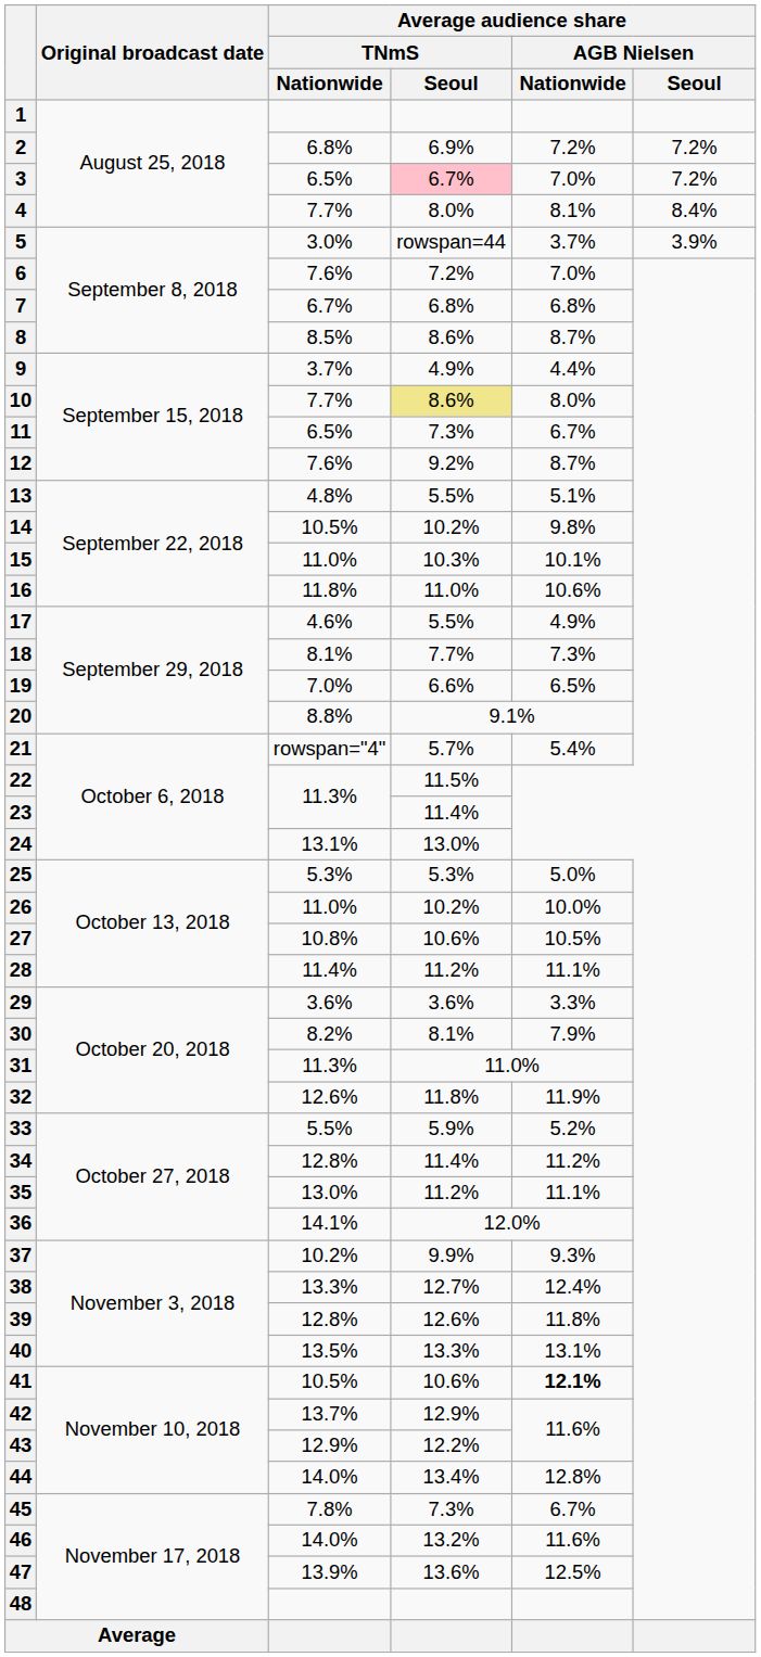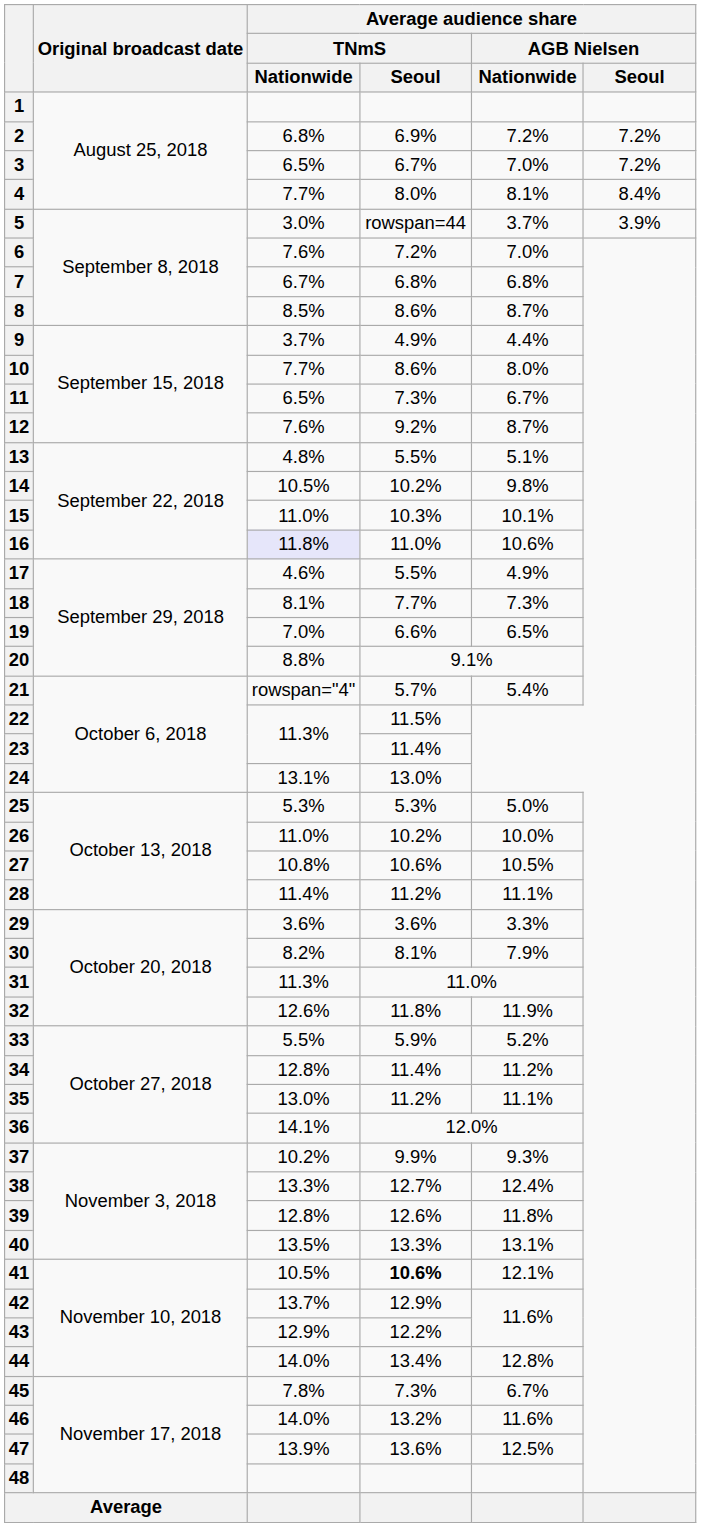 <table class="wikitable" style="text-align:center">
 <tr>
 <th rowspan="3"></th>
 <th rowspan="3">Original broadcast date</th>
 <th colspan="4">Average audience share</th>
 </tr>
 <tr>
 <th colspan="2">TNmS</th>
 <th colspan="2">AGB Nielsen</th>
 </tr>
 <tr>
 <th width="90">Nationwide</th>
 <th width="90">Seoul</th>
 <th width="90">Nationwide</th>
 <th width="90">Seoul</th>
 </tr>
 <tr>
 <th>1</th>
 <td rowspan="4">August 25, 2018</td>
 <td></td>
 <td></td>
 <td> </td>
 <td> </td>
 </tr>
 <tr>
 <th>2</th>
 <td>6.8%</td>
 <td>6.9%</td>
 <td>7.2% </td>
 <td>7.2% </td>
 </tr>
 <tr>
 <th>3</th>
 <td>6.5%</td>
-<td style="background: pink;">6.7%</td>
+<td>6.7%</td>
 <td>7.0% </td>
 <td>7.2% </td>
 </tr>
 <tr>
 <th>4</th>
 <td>7.7%</td>
 <td>8.0%</td>
 <td>8.1% </td>
 <td>8.4% </td>
 </tr>
 <tr>
 <th>5</th>
 <td rowspan="4">September 8, 2018</td>
 <td>3.0%</td>
 <td>rowspan=44 </td>
 <td>3.7% </td>
 <td>3.9% </td>
 </tr>
 <tr>
 <th>6</th>
 <td>7.6%</td>
 <td>7.2% </td>
 <td>7.0% </td>
 </tr>
 <tr>
 <th>7</th>
 <td>6.7%</td>
 <td>6.8% </td>
 <td>6.8% </td>
 </tr>
 <tr>
 <th>8</th>
 <td>8.5%</td>
 <td>8.6% </td>
 <td>8.7% </td>
 </tr>
 <tr>
 <th>9</th>
 <td rowspan="4">September 15, 2018</td>
 <td>3.7%</td>
 <td>4.9% </td>
 <td>4.4% </td>
 </tr>
 <tr>
 <th>10</th>
 <td>7.7%</td>
-<td style="background: khaki;">8.6% </td>
+<td>8.6% </td>
 <td>8.0% </td>
 </tr>
 <tr>
 <th>11</th>
 <td>6.5%</td>
 <td>7.3% </td>
 <td>6.7% </td>
 </tr>
 <tr>
 <th>12</th>
 <td>7.6%</td>
 <td>9.2% </td>
 <td>8.7% </td>
 </tr>
 <tr>
 <th>13</th>
 <td rowspan="4">September 22, 2018</td>
 <td>4.8%</td>
 <td>5.5% </td>
 <td>5.1% </td>
 </tr>
 <tr>
 <th>14</th>
 <td>10.5%</td>
 <td>10.2% </td>
 <td>9.8% </td>
 </tr>
 <tr>
 <th>15</th>
 <td>11.0%</td>
 <td>10.3% </td>
 <td>10.1% </td>
 </tr>
 <tr>
 <th>16</th>
-<td>11.8%</td>
+<td style="background: lavender;">11.8%</td>
 <td>11.0% </td>
 <td>10.6% </td>
 </tr>
 <tr>
 <th>17</th>
 <td rowspan="4">September 29, 2018</td>
 <td>4.6%</td>
 <td>5.5% </td>
 <td>4.9% </td>
 </tr>
 <tr>
 <th>18</th>
 <td>8.1%</td>
 <td>7.7% </td>
 <td>7.3% </td>
 </tr>
 <tr>
 <th>19</th>
 <td>7.0%</td>
 <td>6.6% </td>
 <td>6.5% </td>
 </tr>
 <tr>
 <th>20</th>
 <td>8.8%</td>
 <td colspan="2">9.1% </td>
 </tr>
 <tr>
 <th>21</th>
 <td rowspan="4">October 6, 2018</td>
 <td>rowspan="4" </td>
 <td>5.7% </td>
 <td>5.4% </td>
 </tr>
 <tr>
 <th>22</th>
 <td rowspan="2">11.3% </td>
 <td>11.5% </td>
 </tr>
 <tr>
 <th>23</th>
 <td>11.4% </td>
 </tr>
 <tr>
 <th>24</th>
 <td>13.1% </td>
 <td>13.0% </td>
 </tr>
 <tr>
 <th>25</th>
 <td rowspan="4">October 13, 2018</td>
 <td>5.3%</td>
 <td>5.3% </td>
 <td>5.0% </td>
 </tr>
 <tr>
 <th>26</th>
 <td>11.0%</td>
 <td>10.2% </td>
 <td>10.0% </td>
 </tr>
 <tr>
 <th>27</th>
 <td>10.8%</td>
 <td>10.6% </td>
 <td>10.5% </td>
 </tr>
 <tr>
 <th>28</th>
 <td>11.4%</td>
 <td>11.2% </td>
 <td>11.1% </td>
 </tr>
 <tr>
 <th>29</th>
 <td rowspan="4">October 20, 2018</td>
 <td>3.6%</td>
 <td>3.6% </td>
 <td>3.3% </td>
 </tr>
 <tr>
 <th>30</th>
 <td>8.2%</td>
 <td>8.1% </td>
 <td>7.9% </td>
 </tr>
 <tr>
 <th>31</th>
 <td>11.3%</td>
 <td colspan="2">11.0% </td>
 </tr>
 <tr>
 <th>32</th>
 <td>12.6%</td>
 <td>11.8% </td>
 <td>11.9% </td>
 </tr>
 <tr>
 <th>33</th>
 <td rowspan="4">October 27, 2018</td>
 <td>5.5%</td>
 <td>5.9% </td>
 <td>5.2% </td>
 </tr>
 <tr>
 <th>34</th>
 <td>12.8%</td>
 <td>11.4% </td>
 <td>11.2% </td>
 </tr>
 <tr>
 <th>35</th>
 <td>13.0%</td>
 <td>11.2% </td>
 <td>11.1% </td>
 </tr>
 <tr>
 <th>36</th>
 <td>14.1%</td>
 <td colspan="2">12.0% </td>
 </tr>
 <tr>
 <th>37</th>
 <td rowspan="4">November 3, 2018</td>
 <td>10.2%</td>
 <td>9.9% </td>
 <td>9.3% </td>
 </tr>
 <tr>
 <th>38</th>
 <td>13.3%</td>
 <td>12.7% </td>
 <td>12.4% </td>
 </tr>
 <tr>
 <th>39</th>
 <td>12.8%</td>
 <td>12.6% </td>
 <td>11.8% </td>
 </tr>
 <tr>
 <th>40</th>
 <td>13.5%</td>
 <td>13.3% </td>
 <td>13.1% </td>
 </tr>
 <tr>
 <th>41</th>
 <td rowspan="4">November 10, 2018</td>
 <td>10.5%</td>
-<td>10.6% </td>
-<td><strong>12.1% </strong></td>
+<td><strong>10.6% </strong></td>
+<td>12.1% </td>
 </tr>
 <tr>
 <th>42</th>
 <td>13.7%</td>
 <td>12.9% </td>
 <td rowspan="2">11.6% </td>
 </tr>
 <tr>
 <th>43</th>
 <td>12.9%</td>
 <td>12.2% </td>
 </tr>
 <tr>
 <th>44</th>
 <td>14.0%</td>
 <td>13.4% </td>
 <td>12.8% </td>
 </tr>
 <tr>
 <th>45</th>
 <td rowspan="4">November 17, 2018</td>
 <td>7.8%</td>
 <td>7.3% </td>
 <td>6.7% </td>
 </tr>
 <tr>
 <th>46</th>
 <td>14.0%</td>
 <td>13.2% </td>
 <td>11.6% </td>
 </tr>
 <tr>
 <th>47</th>
 <td>13.9%</td>
 <td>13.6% </td>
 <td>12.5% </td>
 </tr>
 <tr>
 <th>48</th>
 <td></td>
 <td> </td>
 <td> </td>
 </tr>
 <tr>
 <th colspan="2">Average</th>
 <th></th>
 <th></th>
 <th></th>
 <th></th>
 </tr>
 </table>
